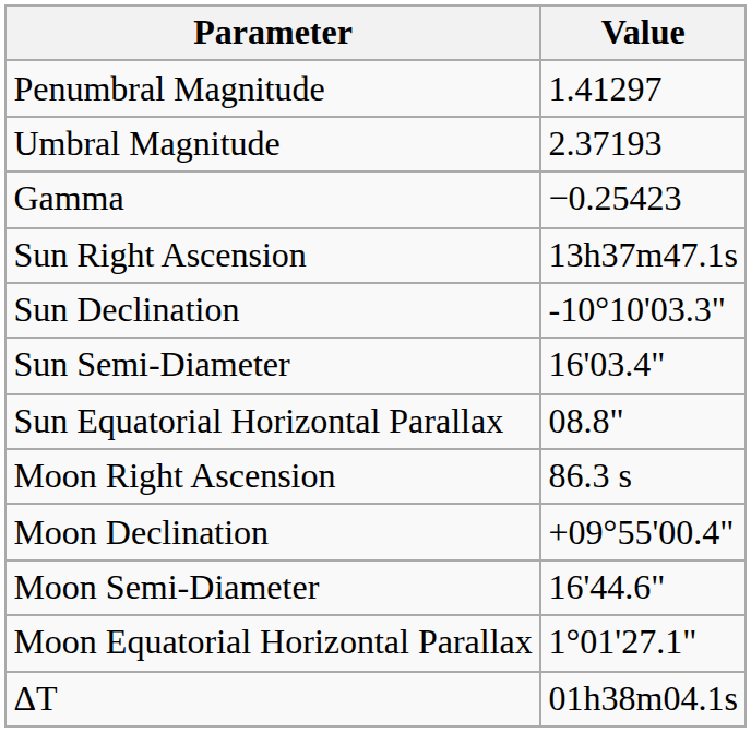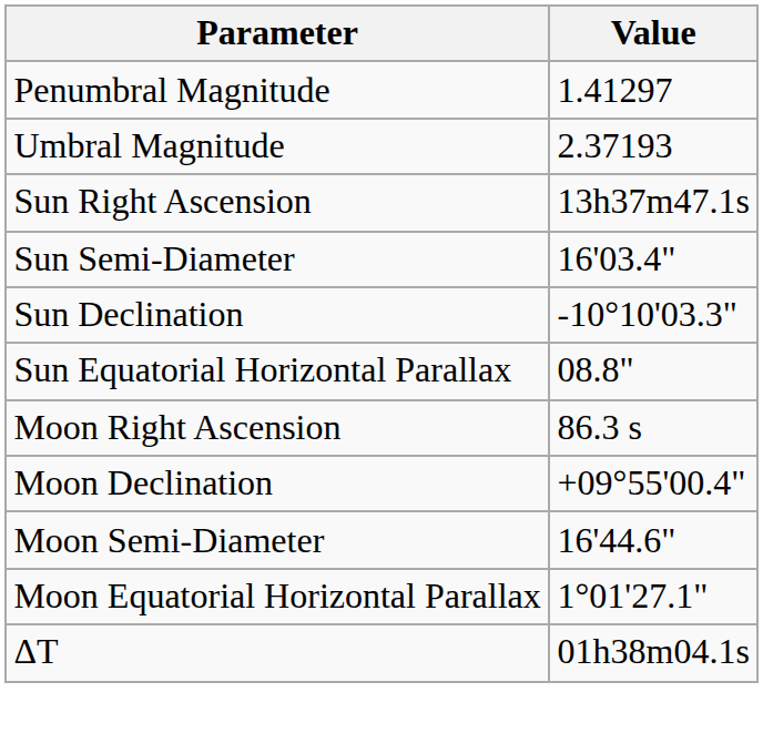 <table class="wikitable">
 <tr>
 <th>Parameter</th>
 <th>Value</th>
 </tr>
 <tr>
 <td>Penumbral Magnitude</td>
 <td>1.41297</td>
 </tr>
 <tr>
 <td>Umbral Magnitude</td>
 <td>2.37193</td>
 </tr>
 <tr>
-<td>Gamma</td>
-<td>−0.25423</td>
-</tr>
-<tr>
 <td>Sun Right Ascension</td>
 <td>13h37m47.1s</td>
 </tr>
 <tr>
+<td>Sun Semi-Diameter</td>
+<td>16'03.4"</td>
+</tr>
+<tr>
 <td>Sun Declination</td>
 <td>-10°10'03.3"</td>
-</tr>
-<tr>
-<td>Sun Semi-Diameter</td>
-<td>16'03.4"</td>
 </tr>
 <tr>
 <td>Sun Equatorial Horizontal Parallax</td>
 <td>08.8"</td>
 </tr>
 <tr>
 <td>Moon Right Ascension</td>
 <td>86.3 s</td>
 </tr>
 <tr>
 <td>Moon Declination</td>
 <td>+09°55'00.4"</td>
 </tr>
 <tr>
 <td>Moon Semi-Diameter</td>
 <td>16'44.6"</td>
 </tr>
 <tr>
 <td>Moon Equatorial Horizontal Parallax</td>
 <td>1°01'27.1"</td>
 </tr>
 <tr>
 <td>ΔT</td>
 <td>01h38m04.1s</td>
 </tr>
 </table>
